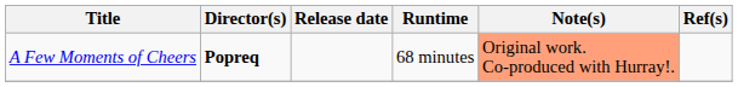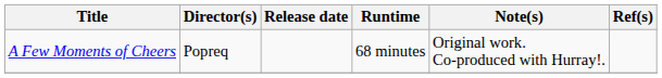 <table class="wikitable sortable">
 <tr>
 <th scope="col">Title</th>
 <th scope="col">Director(s)</th>
 <th scope="col">Release date</th>
 <th scope="col">Runtime</th>
 <th scope="col" class="unsortable">Note(s)</th>
 <th scope="col" class="unsortable">Ref(s)</th>
 </tr>
 <tr>
 <td><em><a href='#'>A Few Moments of Cheers</a></em></td>
-<td><strong>Popreq</strong></td>
+<td>Popreq</td>
 <td></td>
 <td>68 minutes</td>
-<td style="background: lightsalmon;">Original work.<br>Co-produced with Hurray!.</td>
+<td>Original work.<br>Co-produced with Hurray!.</td>
 <td style="text-align:center"></td>
 </tr>
 <tr>
 </tr>
 </table>
